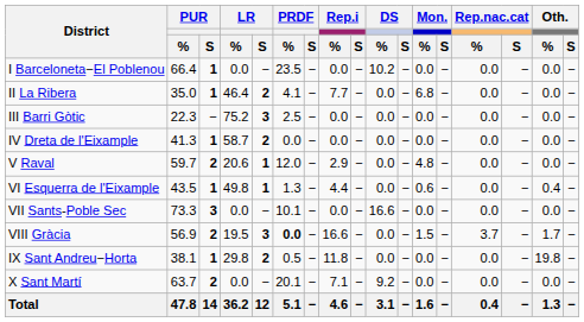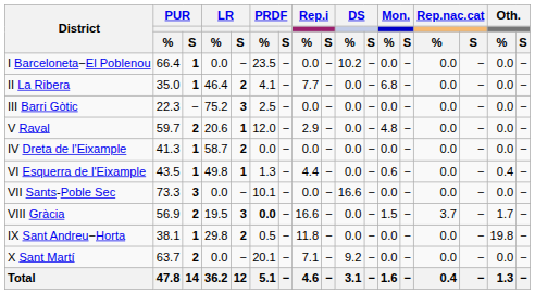 <table class='wikitable sortable' style='text-align:right; font-size:95%; line-height:20px;'>
 <tr>
 <th rowspan='3'>District</th>
 <th colspan='2' width='30px'><a href='#'>PUR</a></th>
 <th colspan='2' width='30px'><a href='#'>LR</a></th>
 <th colspan='2' width='30px'><a href='#'>PRDF</a></th>
 <th colspan='2' width='30px'><a href='#'>Rep.i</a></th>
 <th colspan='2' width='30px'><a href='#'>DS</a></th>
 <th colspan='2' width='30px'><a href='#'>Mon.</a></th>
 <th colspan='2' width='30px'><a href='#'>Rep.nac.cat</a></th>
 <th colspan='2' width='30px'>Oth.</th>
 </tr>
 <tr>
 <th colspan='2' style='background:'></th>
 <th colspan='2' style='background:'></th>
 <th colspan='2' style='background:'></th>
 <th colspan='2' style='background:#9C1F6E'></th>
 <th colspan='2' style='background:#C2CCE7'></th>
 <th colspan='2' style='background:#0000C8'></th>
 <th colspan='2' style='background:#F7B96F'></th>
 <th colspan='2' style='background:#777777'></th>
 </tr>
 <tr>
 <th data-sort-type='number'>%</th>
 <th data-sort-type='number'>S</th>
 <th data-sort-type='number'>%</th>
 <th data-sort-type='number'>S</th>
 <th data-sort-type='number'>%</th>
 <th data-sort-type='number'>S</th>
 <th data-sort-type='number'>%</th>
 <th data-sort-type='number'>S</th>
 <th data-sort-type='number'>%</th>
 <th data-sort-type='number'>S</th>
 <th data-sort-type='number'>%</th>
 <th data-sort-type='number'>S</th>
 <th data-sort-type='number'>%</th>
 <th data-sort-type='number'>S</th>
 <th data-sort-type='number'>%</th>
 <th data-sort-type='number'>S</th>
 </tr>
 <tr>
 <td style='text-align: left;'>I <a href='#'>Barceloneta</a>−<a href='#'>El Poblenou</a></td>
 <td style='text-align: right;'>66.4</td>
 <td style='text-align: right;'><strong>1</strong></td>
 <td style='text-align: right;'>0.0</td>
 <td style='text-align: right;'>−</td>
 <td style='text-align: right;'>23.5</td>
 <td style='text-align: right;'>−</td>
 <td style='text-align: right;'>0.0</td>
 <td style='text-align: right;'>−</td>
 <td style='text-align: right;'>10.2</td>
 <td style='text-align: right;'>−</td>
 <td style='text-align: right;'>0.0</td>
 <td style='text-align: right;'>−</td>
 <td style='text-align: right;'>0.0</td>
 <td style='text-align: right;'>−</td>
 <td style='text-align: right;'>0.0</td>
 <td style='text-align: right;'>−</td>
 </tr>
 <tr>
 <td style='text-align: left;'>II <a href='#'>La Ribera</a></td>
 <td style='text-align: right;'>35.0</td>
 <td style='text-align: right;'><strong>1</strong></td>
 <td style='text-align: right;'>46.4</td>
 <td style='text-align: right;'><strong>2</strong></td>
 <td style='text-align: right;'>4.1</td>
 <td style='text-align: right;'>−</td>
 <td style='text-align: right;'>7.7</td>
 <td style='text-align: right;'>−</td>
 <td style='text-align: right;'>0.0</td>
 <td style='text-align: right;'>−</td>
 <td style='text-align: right;'>6.8</td>
 <td style='text-align: right;'>−</td>
 <td style='text-align: right;'>0.0</td>
 <td style='text-align: right;'>−</td>
 <td style='text-align: right;'>0.0</td>
 <td style='text-align: right;'>−</td>
 </tr>
 <tr>
 <td style='text-align: left;'>III <a href='#'>Barri Gòtic</a></td>
 <td style='text-align: right;'>22.3</td>
 <td style='text-align: right;'>−</td>
 <td style='text-align: right;'>75.2</td>
 <td style='text-align: right;'><strong>3</strong></td>
 <td style='text-align: right;'>2.5</td>
 <td style='text-align: right;'>−</td>
 <td style='text-align: right;'>0.0</td>
 <td style='text-align: right;'>−</td>
 <td style='text-align: right;'>0.0</td>
 <td style='text-align: right;'>−</td>
 <td style='text-align: right;'>0.0</td>
 <td style='text-align: right;'>−</td>
 <td style='text-align: right;'>0.0</td>
 <td style='text-align: right;'>−</td>
 <td style='text-align: right;'>0.0</td>
 <td style='text-align: right;'>−</td>
 </tr>
 <tr>
+<td style='text-align: left;'>V <a href='#'>Raval</a></td>
+<td style='text-align: right;'>59.7</td>
+<td style='text-align: right;'><strong>2</strong></td>
+<td style='text-align: right;'>20.6</td>
+<td style='text-align: right;'><strong>1</strong></td>
+<td style='text-align: right;'>12.0</td>
+<td style='text-align: right;'>−</td>
+<td style='text-align: right;'>2.9</td>
+<td style='text-align: right;'>−</td>
+<td style='text-align: right;'>0.0</td>
+<td style='text-align: right;'>−</td>
+<td style='text-align: right;'>4.8</td>
+<td style='text-align: right;'>−</td>
+<td style='text-align: right;'>0.0</td>
+<td style='text-align: right;'>−</td>
+<td style='text-align: right;'>0.0</td>
+<td style='text-align: right;'>−</td>
+</tr>
+<tr>
 <td style='text-align: left;'>IV <a href='#'>Dreta de l'Eixample</a></td>
 <td style='text-align: right;'>41.3</td>
 <td style='text-align: right;'><strong>1</strong></td>
 <td style='text-align: right;'>58.7</td>
 <td style='text-align: right;'><strong>2</strong></td>
 <td style='text-align: right;'>0.0</td>
 <td style='text-align: right;'>−</td>
 <td style='text-align: right;'>0.0</td>
 <td style='text-align: right;'>−</td>
 <td style='text-align: right;'>0.0</td>
 <td style='text-align: right;'>−</td>
 <td style='text-align: right;'>0.0</td>
-<td style='text-align: right;'>−</td>
-<td style='text-align: right;'>0.0</td>
-<td style='text-align: right;'>−</td>
-<td style='text-align: right;'>0.0</td>
-<td style='text-align: right;'>−</td>
-</tr>
-<tr>
-<td style='text-align: left;'>V <a href='#'>Raval</a></td>
-<td style='text-align: right;'>59.7</td>
-<td style='text-align: right;'><strong>2</strong></td>
-<td style='text-align: right;'>20.6</td>
-<td style='text-align: right;'><strong>1</strong></td>
-<td style='text-align: right;'>12.0</td>
-<td style='text-align: right;'>−</td>
-<td style='text-align: right;'>2.9</td>
-<td style='text-align: right;'>−</td>
-<td style='text-align: right;'>0.0</td>
-<td style='text-align: right;'>−</td>
-<td style='text-align: right;'>4.8</td>
 <td style='text-align: right;'>−</td>
 <td style='text-align: right;'>0.0</td>
 <td style='text-align: right;'>−</td>
 <td style='text-align: right;'>0.0</td>
 <td style='text-align: right;'>−</td>
 </tr>
 <tr>
 <td style='text-align: left;'>VI <a href='#'>Esquerra de l'Eixample</a></td>
 <td style='text-align: right;'>43.5</td>
 <td style='text-align: right;'><strong>1</strong></td>
 <td style='text-align: right;'>49.8</td>
 <td style='text-align: right;'><strong>1</strong></td>
 <td style='text-align: right;'>1.3</td>
 <td style='text-align: right;'>−</td>
 <td style='text-align: right;'>4.4</td>
 <td style='text-align: right;'>−</td>
 <td style='text-align: right;'>0.0</td>
 <td style='text-align: right;'>−</td>
 <td style='text-align: right;'>0.6</td>
 <td style='text-align: right;'>−</td>
 <td style='text-align: right;'>0.0</td>
 <td style='text-align: right;'>−</td>
 <td style='text-align: right;'>0.4</td>
 <td style='text-align: right;'>−</td>
 </tr>
 <tr>
 <td style='text-align: left;'>VII <a href='#'>Sants</a>-<a href='#'>Poble Sec</a></td>
 <td style='text-align: right;'>73.3</td>
 <td style='text-align: right;'><strong>3</strong></td>
 <td style='text-align: right;'>0.0</td>
 <td style='text-align: right;'>−</td>
 <td style='text-align: right;'>10.1</td>
 <td style='text-align: right;'>−</td>
 <td style='text-align: right;'>0.0</td>
 <td style='text-align: right;'>−</td>
 <td style='text-align: right;'>16.6</td>
 <td style='text-align: right;'>−</td>
 <td style='text-align: right;'>0.0</td>
 <td style='text-align: right;'>−</td>
 <td style='text-align: right;'>0.0</td>
 <td style='text-align: right;'>−</td>
 <td style='text-align: right;'>0.0</td>
 <td style='text-align: right;'>−</td>
 </tr>
 <tr>
 <td style='text-align: left;'>VIII <a href='#'>Gràcia</a></td>
 <td style='text-align: right;'>56.9</td>
 <td style='text-align: right;'><strong>2</strong></td>
 <td style='text-align: right;'>19.5</td>
 <td style='text-align: right;'><strong>3</strong></td>
 <td style='text-align: right;'><strong>0.0</strong></td>
 <td style='text-align: right;'>−</td>
 <td style='text-align: right;'>16.6</td>
 <td style='text-align: right;'>−</td>
 <td style='text-align: right;'>0.0</td>
 <td style='text-align: right;'>−</td>
 <td style='text-align: right;'>1.5</td>
 <td style='text-align: right;'>−</td>
 <td style='text-align: right;'>3.7</td>
 <td style='text-align: right;'>−</td>
 <td style='text-align: right;'>1.7</td>
 <td style='text-align: right;'>−</td>
 </tr>
 <tr>
 <td style='text-align: left;'>IX <a href='#'>Sant Andreu</a>−<a href='#'>Horta</a></td>
 <td style='text-align: right;'>38.1</td>
 <td style='text-align: right;'><strong>1</strong></td>
 <td style='text-align: right;'>29.8</td>
 <td style='text-align: right;'><strong>2</strong></td>
 <td style='text-align: right;'>0.5</td>
 <td style='text-align: right;'>−</td>
 <td style='text-align: right;'>11.8</td>
 <td style='text-align: right;'>−</td>
 <td style='text-align: right;'>0.0</td>
 <td style='text-align: right;'>−</td>
 <td style='text-align: right;'>0.0</td>
 <td style='text-align: right;'>−</td>
 <td style='text-align: right;'>0.0</td>
 <td style='text-align: right;'>−</td>
 <td style='text-align: right;'>19.8</td>
 <td style='text-align: right;'>−</td>
 </tr>
 <tr>
 <td style='text-align: left;'>X <a href='#'>Sant Martí</a></td>
 <td style='text-align: right;'>63.7</td>
 <td style='text-align: right;'><strong>2</strong></td>
 <td style='text-align: right;'>0.0</td>
 <td style='text-align: right;'>−</td>
 <td style='text-align: right;'>20.1</td>
 <td style='text-align: right;'>−</td>
 <td style='text-align: right;'>7.1</td>
 <td style='text-align: right;'>−</td>
 <td style='text-align: right;'>9.2</td>
 <td style='text-align: right;'>−</td>
 <td style='text-align: right;'>0.0</td>
 <td style='text-align: right;'>−</td>
 <td style='text-align: right;'>0.0</td>
 <td style='text-align: right;'>−</td>
 <td style='text-align: right;'>0.0</td>
 <td style='text-align: right;'>−</td>
 </tr>
 <tr>
 <th style='text-align: left;'>Total</th>
 <th style='text-align: right;'>47.8</th>
 <th style='text-align: right;'><strong>14</strong></th>
 <th style='text-align: right;'>36.2</th>
 <th style='text-align: right;'><strong>12</strong></th>
 <th style='text-align: right;'>5.1</th>
 <th style='text-align: right;'>−</th>
 <th style='text-align: right;'>4.6</th>
 <th style='text-align: right;'>−</th>
 <th style='text-align: right;'>3.1</th>
 <th style='text-align: right;'>−</th>
 <th style='text-align: right;'>1.6</th>
 <th style='text-align: right;'>−</th>
 <th style='text-align: right;'>0.4</th>
 <th style='text-align: right;'>−</th>
 <th style='text-align: right;'>1.3</th>
 <th style='text-align: right;'>−</th>
 </tr>
 </table>
